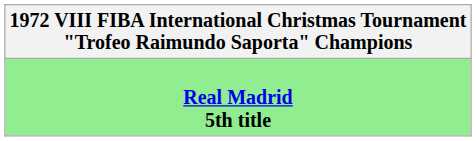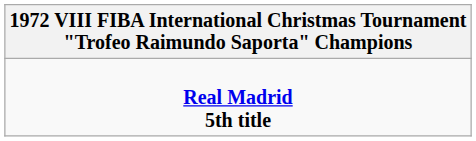 <table class=wikitable style="text-align:center; margin:auto">
 <tr>
 <th>1972 VIII FIBA International Christmas Tournament<br>"Trofeo Raimundo Saporta" Champions</th>
 </tr>
 <tr>
-<td style="background: lightgreen;"><br><strong><a href='#'>Real Madrid</a></strong><br><strong>5th title</strong></td>
+<td><br><strong><a href='#'>Real Madrid</a></strong><br><strong>5th title</strong></td>
 </tr>
 </table>
